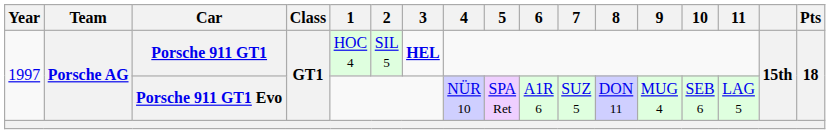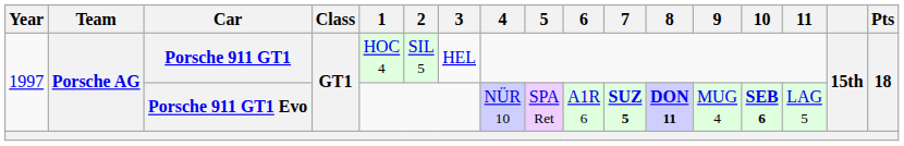 <table class="wikitable" style="text-align:center; font-size:85%">
 <tr>
 <th>Year</th>
 <th>Team</th>
 <th>Car</th>
 <th>Class</th>
 <th>1</th>
 <th>2</th>
 <th>3</th>
 <th>4</th>
 <th>5</th>
 <th>6</th>
 <th>7</th>
 <th>8</th>
 <th>9</th>
 <th>10</th>
 <th>11</th>
 <th></th>
 <th>Pts</th>
 </tr>
 <tr>
 <td rowspan=2><a href='#'>1997</a></td>
 <th rowspan=2 nowrap><a href='#'>Porsche AG</a></th>
 <th nowrap><a href='#'>Porsche 911 GT1</a></th>
 <th rowspan=2>GT1</th>
 <td style="background:#DFFFDF;"><a href='#'>HOC</a><br><small>4</small></td>
 <td style="background:#DFFFDF;"><a href='#'>SIL</a><br><small>5</small></td>
-<td><strong><a href='#'>HEL</a></strong></td>
+<td><a href='#'>HEL</a></td>
 <td colspan=8></td>
 <th rowspan=2>15th</th>
 <th rowspan=2>18</th>
 </tr>
 <tr>
 <th nowrap><a href='#'>Porsche 911 GT1</a> Evo</th>
 <td colspan=3></td>
 <td style="background:#CFCFFF;"><a href='#'>NÜR</a><br><small>10</small></td>
 <td style="background:#EFCFFF;"><a href='#'>SPA</a><br><small>Ret</small></td>
 <td style="background:#DFFFDF;"><a href='#'>A1R</a><br><small>6</small></td>
-<td style="background:#DFFFDF;"><a href='#'>SUZ</a><br><small>5</small></td>
-<td style="background:#CFCFFF;"><a href='#'>DON</a><br><small>11</small></td>
+<td style="background:#DFFFDF;"><strong><a href='#'>SUZ</a><br><small>5</small></strong></td>
+<td style="background:#CFCFFF;"><strong><a href='#'>DON</a><br><small>11</small></strong></td>
 <td style="background:#DFFFDF;"><a href='#'>MUG</a><br><small>4</small></td>
-<td style="background:#DFFFDF;"><a href='#'>SEB</a><br><small>6</small></td>
+<td style="background:#DFFFDF;"><strong><a href='#'>SEB</a><br><small>6</small></strong></td>
 <td style="background:#DFFFDF;"><a href='#'>LAG</a><br><small>5</small></td>
 </tr>
 <tr>
 <th colspan="17"></th>
 </tr>
 </table>
